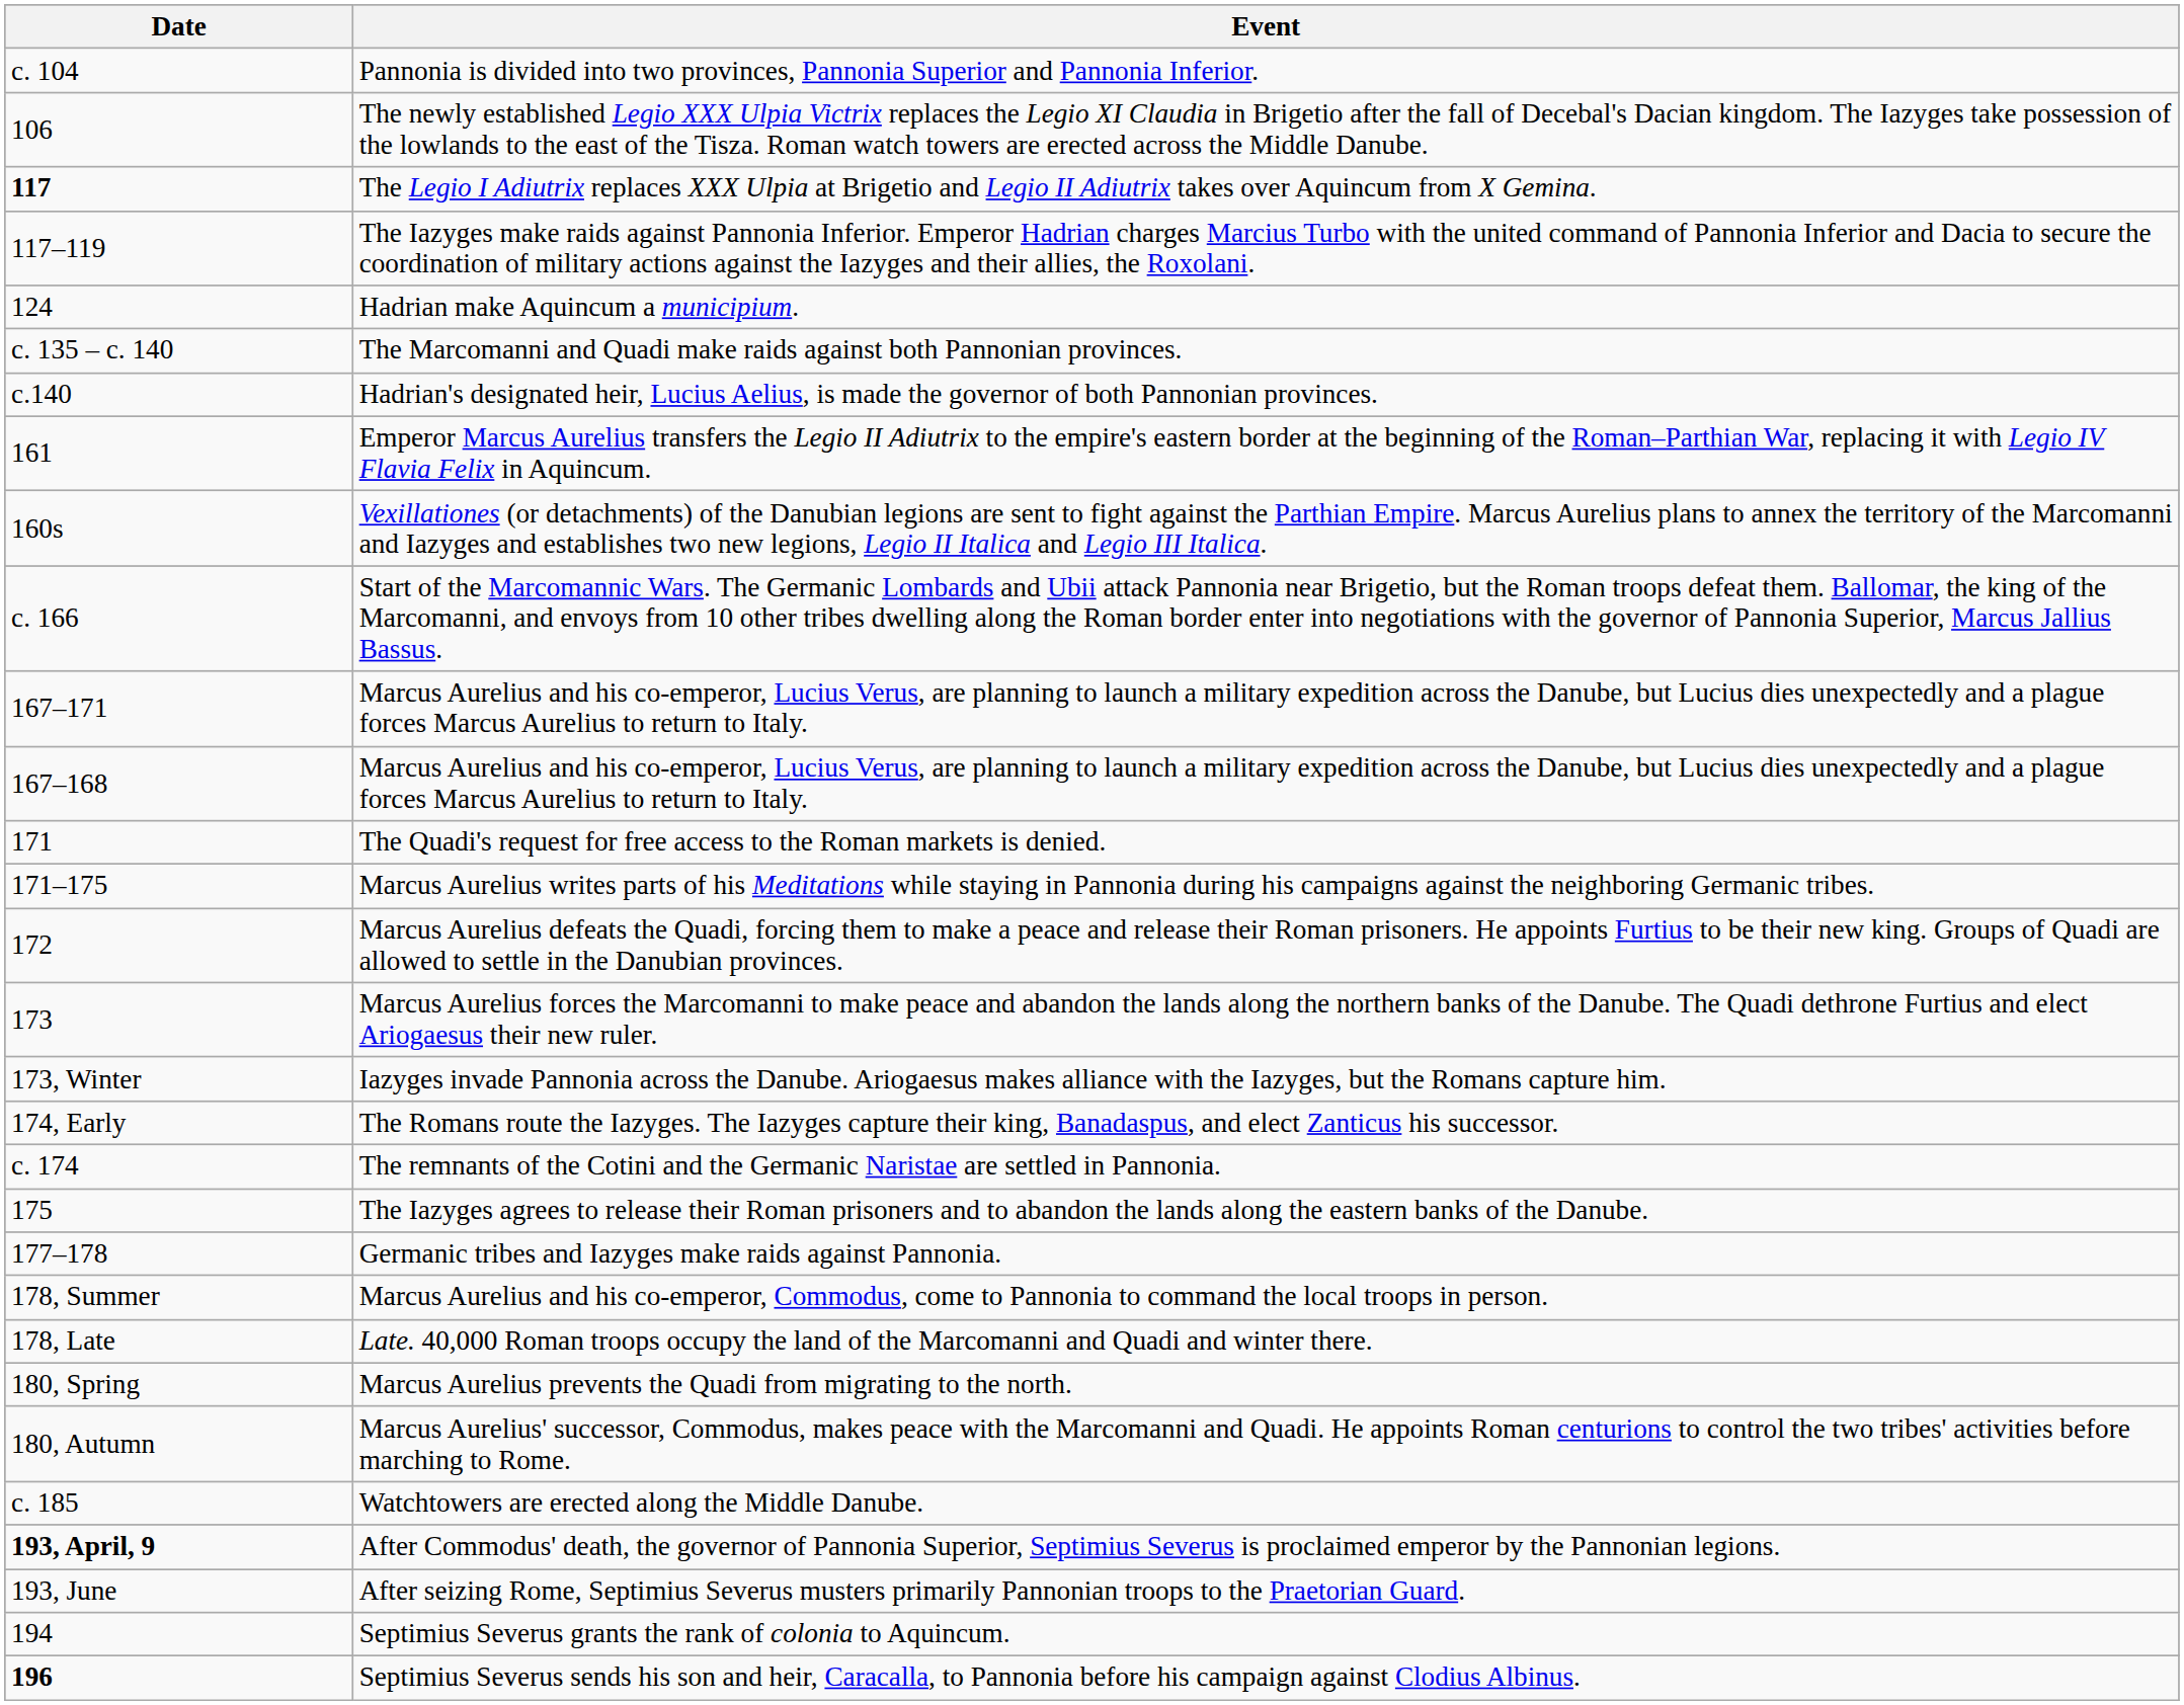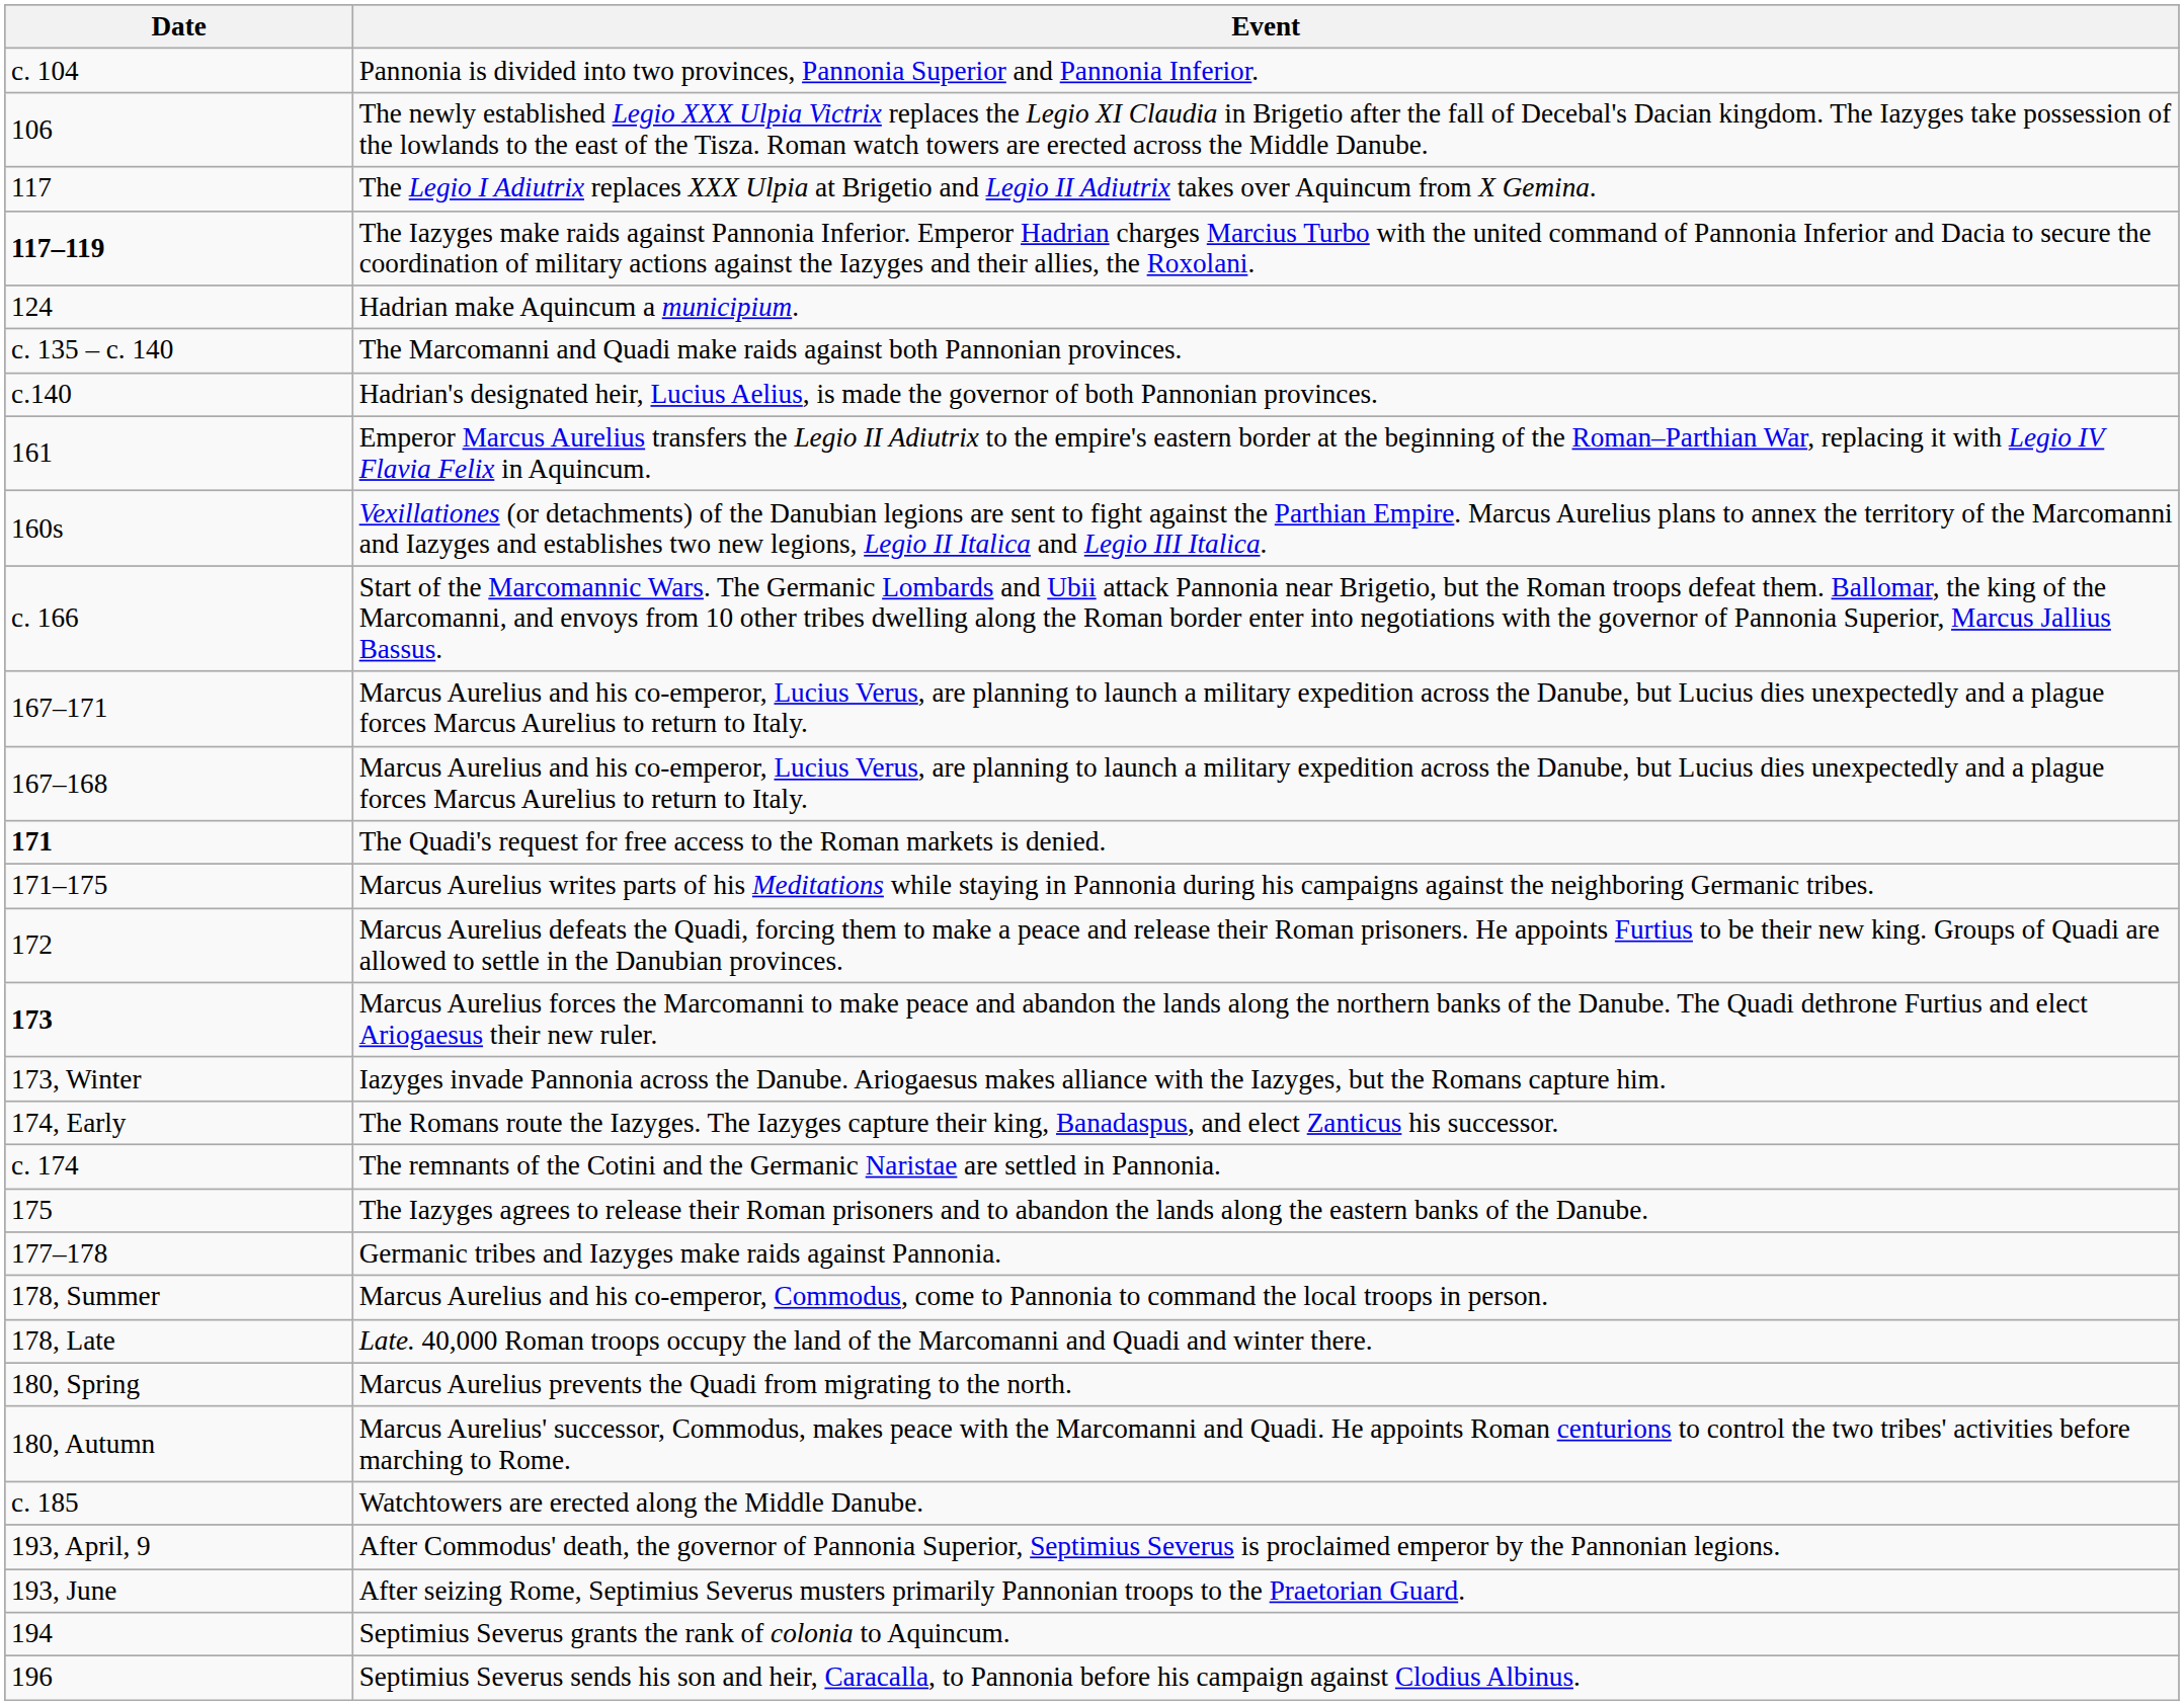 <table class="wikitable" width="100%">
 <tr>
 <th width="16%">Date</th>
 <th width="84%">Event</th>
 </tr>
 <tr>
 <td>c. 104</td>
 <td>Pannonia is divided into two provinces, <a href='#'>Pannonia Superior</a> and <a href='#'>Pannonia Inferior</a>.</td>
 </tr>
 <tr>
 <td>106</td>
 <td>The newly established <em><a href='#'>Legio XXX Ulpia Victrix</a></em> replaces the <em>Legio XI Claudia</em> in Brigetio after the fall of Decebal's Dacian kingdom. The Iazyges take possession of the lowlands to the east of the Tisza. Roman watch towers are erected across the Middle Danube.</td>
 </tr>
 <tr>
-<td><strong>117</strong></td>
+<td>117</td>
 <td>The <em><a href='#'>Legio I Adiutrix</a></em> replaces <em>XXX Ulpia</em> at Brigetio and <em><a href='#'>Legio II Adiutrix</a></em> takes over Aquincum from <em>X Gemina</em>.</td>
 </tr>
 <tr>
-<td>117–119</td>
+<td><strong>117–119</strong></td>
 <td>The Iazyges make raids against Pannonia Inferior. Emperor <a href='#'>Hadrian</a> charges <a href='#'>Marcius Turbo</a> with the united command of Pannonia Inferior and Dacia to secure the coordination of military actions against the Iazyges and their allies, the <a href='#'>Roxolani</a>.</td>
 </tr>
 <tr>
 <td>124</td>
 <td>Hadrian make Aquincum a <em><a href='#'>municipium</a></em>.</td>
 </tr>
 <tr>
 <td>c. 135 – c. 140</td>
 <td>The Marcomanni and Quadi make raids against both Pannonian provinces.</td>
 </tr>
 <tr>
 <td>c.140</td>
 <td>Hadrian's designated heir, <a href='#'>Lucius Aelius</a>, is made the governor of both Pannonian provinces.</td>
 </tr>
 <tr>
 <td>161</td>
 <td>Emperor <a href='#'>Marcus Aurelius</a> transfers the <em>Legio II Adiutrix</em> to the empire's eastern border at the beginning of the <a href='#'>Roman–Parthian War</a>, replacing it with <em><a href='#'>Legio IV Flavia Felix</a></em> in Aquincum.</td>
 </tr>
 <tr>
 <td>160s</td>
 <td><em><a href='#'>Vexillationes</a></em> (or detachments) of the Danubian legions are sent to fight against the <a href='#'>Parthian Empire</a>. Marcus Aurelius plans to annex the territory of the Marcomanni and Iazyges and establishes two new legions, <em><a href='#'>Legio II Italica</a></em> and <em><a href='#'>Legio III Italica</a></em>.</td>
 </tr>
 <tr>
 <td>c. 166</td>
 <td>Start of the <a href='#'>Marcomannic Wars</a>. The Germanic <a href='#'>Lombards</a> and <a href='#'>Ubii</a> attack Pannonia near Brigetio, but the Roman troops defeat them. <a href='#'>Ballomar</a>, the king of the Marcomanni, and envoys from 10 other tribes dwelling along the Roman border enter into negotiations with the governor of Pannonia Superior, <a href='#'>Marcus Jallius Bassus</a>.</td>
 </tr>
 <tr>
 <td>167–171</td>
 <td>Marcus Aurelius and his co-emperor, <a href='#'>Lucius Verus</a>, are planning to launch a military expedition across the Danube, but Lucius dies unexpectedly and a plague forces Marcus Aurelius to return to Italy.</td>
 </tr>
 <tr>
 <td>167–168</td>
 <td>Marcus Aurelius and his co-emperor, <a href='#'>Lucius Verus</a>, are planning to launch a military expedition across the Danube, but Lucius dies unexpectedly and a plague forces Marcus Aurelius to return to Italy.</td>
 </tr>
 <tr>
-<td>171</td>
+<td><strong>171</strong></td>
 <td>The Quadi's request for free access to the Roman markets is denied.</td>
 </tr>
 <tr>
 <td>171–175</td>
 <td>Marcus Aurelius writes parts of his <em><a href='#'>Meditations</a></em> while staying in Pannonia during his campaigns against the neighboring Germanic tribes.</td>
 </tr>
 <tr>
 <td>172</td>
 <td>Marcus Aurelius defeats the Quadi, forcing them to make a peace and release their Roman prisoners. He appoints <a href='#'>Furtius</a> to be their new king. Groups of Quadi are allowed to settle in the Danubian provinces.</td>
 </tr>
 <tr>
-<td>173</td>
+<td><strong>173</strong></td>
 <td>Marcus Aurelius forces the Marcomanni to make peace and abandon the lands along the northern banks of the Danube. The Quadi dethrone Furtius and elect <a href='#'>Ariogaesus</a> their new ruler.</td>
 </tr>
 <tr>
 <td>173, Winter</td>
 <td>Iazyges invade Pannonia across the Danube. Ariogaesus makes alliance with the Iazyges, but the Romans capture him.</td>
 </tr>
 <tr>
 <td>174, Early</td>
 <td>The Romans route the Iazyges. The Iazyges capture their king, <a href='#'>Banadaspus</a>, and elect <a href='#'>Zanticus</a> his successor.</td>
 </tr>
 <tr>
 <td>c. 174</td>
 <td>The remnants of the Cotini and the Germanic <a href='#'>Naristae</a> are settled in Pannonia.</td>
 </tr>
 <tr>
 <td>175</td>
 <td>The Iazyges agrees to release their Roman prisoners and to abandon the lands along the eastern banks of the Danube.</td>
 </tr>
 <tr>
 <td>177–178</td>
 <td>Germanic tribes and Iazyges make raids against Pannonia.</td>
 </tr>
 <tr>
 <td>178, Summer</td>
 <td>Marcus Aurelius and his co-emperor, <a href='#'>Commodus</a>, come to Pannonia to command the local troops in person.</td>
 </tr>
 <tr>
 <td>178, Late</td>
 <td><em>Late.</em> 40,000 Roman troops occupy the land of the Marcomanni and Quadi and winter there.</td>
 </tr>
 <tr>
 <td>180, Spring</td>
 <td>Marcus Aurelius prevents the Quadi from migrating to the north.</td>
 </tr>
 <tr>
 <td>180, Autumn</td>
 <td>Marcus Aurelius' successor, Commodus, makes peace with the Marcomanni and Quadi. He appoints Roman <a href='#'>centurions</a> to control the two tribes' activities before marching to Rome.</td>
 </tr>
 <tr>
 <td>c. 185</td>
 <td>Watchtowers are erected along the Middle Danube.</td>
 </tr>
 <tr>
-<td><strong>193, April, 9</strong></td>
+<td>193, April, 9</td>
 <td>After Commodus' death, the governor of Pannonia Superior, <a href='#'>Septimius Severus</a> is proclaimed emperor by the Pannonian legions.</td>
 </tr>
 <tr>
 <td>193, June</td>
 <td>After seizing Rome, Septimius Severus musters primarily Pannonian troops to the <a href='#'>Praetorian Guard</a>.</td>
 </tr>
 <tr>
 <td>194</td>
 <td>Septimius Severus grants the rank of <em>colonia</em> to Aquincum.</td>
 </tr>
 <tr>
-<td><strong>196</strong></td>
+<td>196</td>
 <td>Septimius Severus sends his son and heir, <a href='#'>Caracalla</a>, to Pannonia before his campaign against <a href='#'>Clodius Albinus</a>.</td>
 </tr>
 </table>
